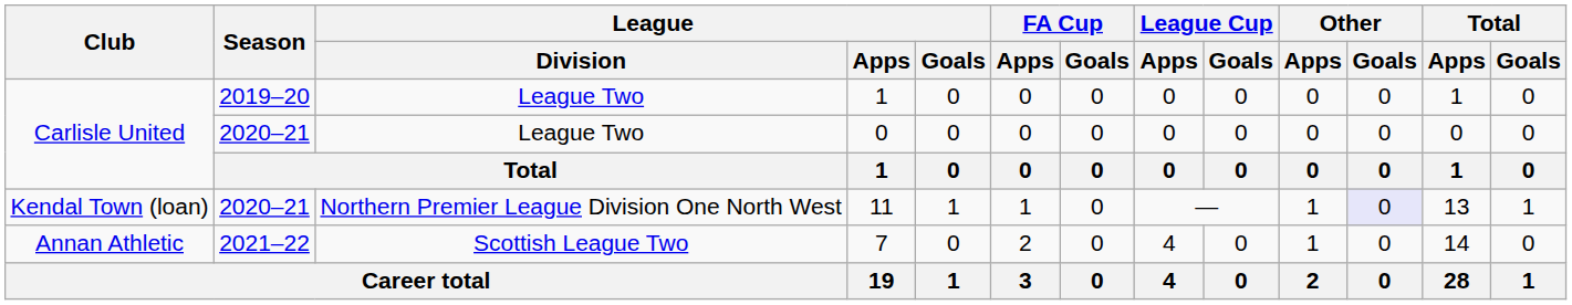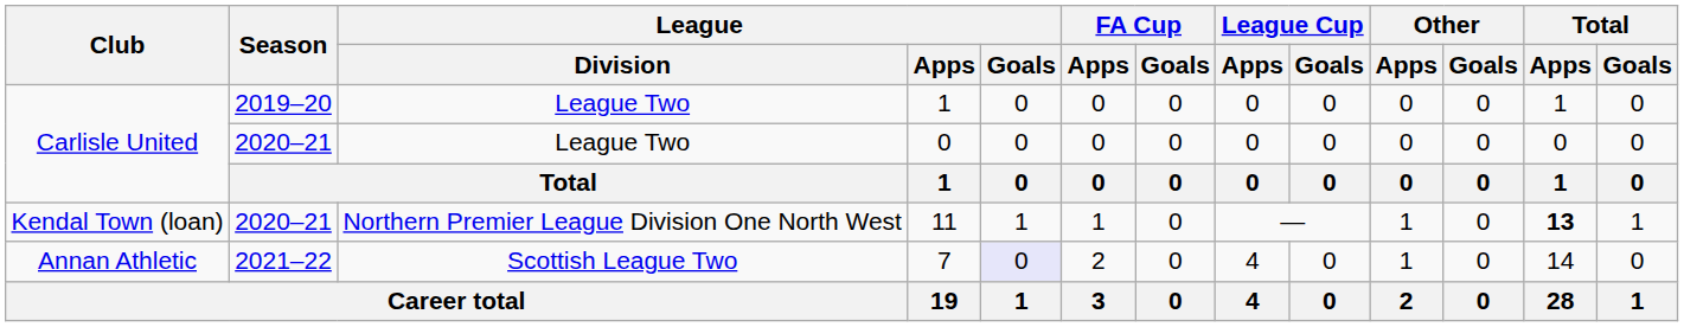 <table class="wikitable" style="text-align: center">
 <tr>
 <th rowspan="2">Club</th>
 <th rowspan="2">Season</th>
 <th colspan="3">League</th>
 <th colspan="2"><a href='#'>FA Cup</a></th>
 <th colspan="2"><a href='#'>League Cup</a></th>
 <th colspan="2">Other</th>
 <th colspan="2">Total</th>
 </tr>
 <tr>
 <th>Division</th>
 <th>Apps</th>
 <th>Goals</th>
 <th>Apps</th>
 <th>Goals</th>
 <th>Apps</th>
 <th>Goals</th>
 <th>Apps</th>
 <th>Goals</th>
 <th>Apps</th>
 <th>Goals</th>
 </tr>
 <tr>
 <td rowspan="3"><a href='#'>Carlisle United</a></td>
 <td><a href='#'>2019–20</a></td>
 <td><a href='#'>League Two</a></td>
 <td>1</td>
 <td>0</td>
 <td>0</td>
 <td>0</td>
 <td>0</td>
 <td>0</td>
 <td>0</td>
 <td>0</td>
 <td>1</td>
 <td>0</td>
 </tr>
 <tr>
 <td><a href='#'>2020–21</a></td>
 <td>League Two</td>
 <td>0</td>
 <td>0</td>
 <td>0</td>
 <td>0</td>
 <td>0</td>
 <td>0</td>
 <td>0</td>
 <td>0</td>
 <td>0</td>
 <td>0</td>
 </tr>
 <tr>
 <th colspan="2">Total</th>
 <th>1</th>
 <th>0</th>
 <th>0</th>
 <th>0</th>
 <th>0</th>
 <th>0</th>
 <th>0</th>
 <th>0</th>
 <th>1</th>
 <th>0</th>
 </tr>
 <tr>
 <td><a href='#'>Kendal Town</a> (loan)</td>
 <td><a href='#'>2020–21</a></td>
 <td><a href='#'>Northern Premier League</a> Division One North West</td>
 <td>11</td>
 <td>1</td>
 <td>1</td>
 <td>0</td>
 <td colspan="2">—</td>
 <td>1</td>
-<td style="background: lavender;">0</td>
-<td>13</td>
+<td>0</td>
+<td><strong>13</strong></td>
 <td>1</td>
 </tr>
 <tr>
 <td><a href='#'>Annan Athletic</a></td>
 <td><a href='#'>2021–22</a></td>
 <td><a href='#'>Scottish League Two</a></td>
 <td>7</td>
-<td>0</td>
+<td style="background: lavender;">0</td>
 <td>2</td>
 <td>0</td>
 <td>4</td>
 <td>0</td>
 <td>1</td>
 <td>0</td>
 <td>14</td>
 <td>0</td>
 </tr>
 <tr>
 <th colspan="3">Career total</th>
 <th>19</th>
 <th>1</th>
 <th>3</th>
 <th>0</th>
 <th>4</th>
 <th>0</th>
 <th>2</th>
 <th>0</th>
 <th>28</th>
 <th>1</th>
 </tr>
 </table>
